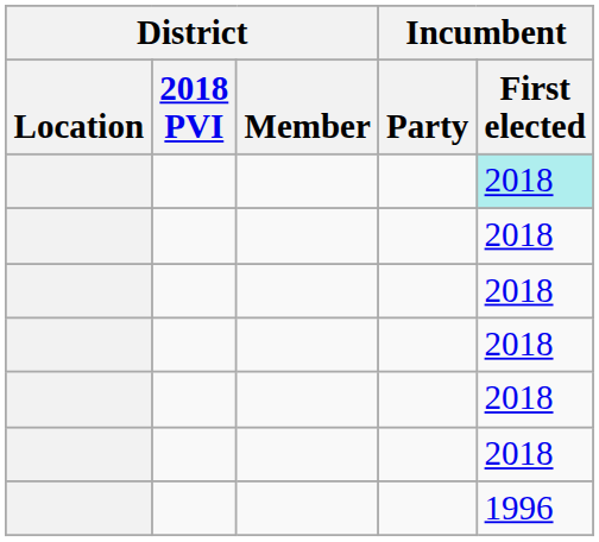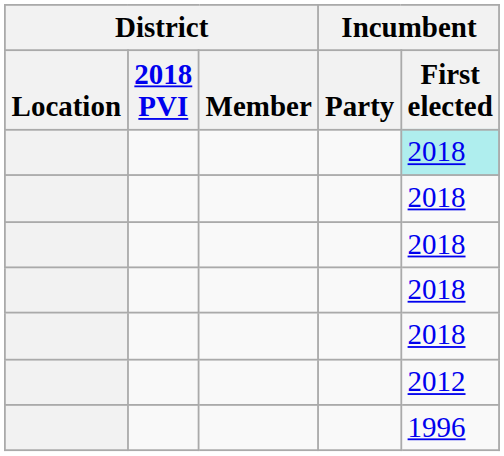 <table class="wikitable sortable">
 <tr>
 <th colspan=3>District</th>
 <th colspan="5">Incumbent</th>
 </tr>
 <tr valign=bottom>
 <th>Location</th>
 <th><a href='#'>2018<br>PVI</a></th>
 <th>Member</th>
 <th>Party</th>
 <th>First<br>elected</th>
 </tr>
 <tr>
 <th></th>
 <td></td>
 <td></td>
 <td></td>
 <td style="background: paleturquoise;"><a href='#'>2018</a></td>
 </tr>
 <tr>
 <th></th>
 <td></td>
 <td></td>
 <td></td>
 <td><a href='#'>2018</a></td>
 </tr>
 <tr>
 <th></th>
 <td></td>
 <td></td>
 <td></td>
 <td><a href='#'>2018</a></td>
 </tr>
 <tr>
 <th></th>
 <td></td>
 <td></td>
 <td></td>
 <td><a href='#'>2018</a></td>
 </tr>
 <tr>
 <th></th>
 <td></td>
 <td></td>
 <td></td>
 <td><a href='#'>2018</a></td>
 </tr>
 <tr>
 <th></th>
 <td></td>
 <td></td>
 <td></td>
-<td><a href='#'>2018</a></td>
+<td><a href='#'>2012</a></td>
 </tr>
 <tr>
 <th></th>
 <td></td>
 <td></td>
 <td></td>
 <td><a href='#'>1996</a></td>
 </tr>
 </table>
